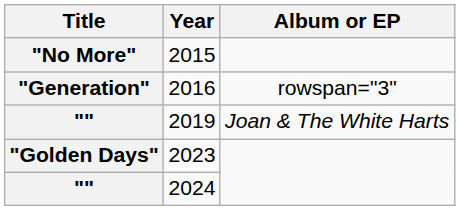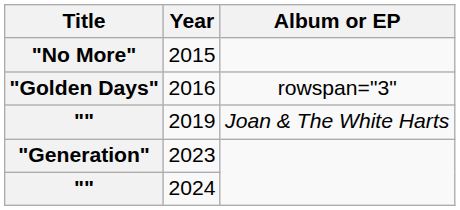 <table class="wikitable plainrowheaders" style="text-align:center;" border="1">
 <tr>
 <th scope="col">Title</th>
 <th scope="col">Year</th>
 <th scope="col">Album or EP</th>
 </tr>
 <tr>
 <th scope="row">"No More"<br></th>
 <td>2015</td>
 <td></td>
 </tr>
 <tr>
-<th scope="row">"Generation"<br></th>
+<th scope="row">"Golden Days"<br></th>
 <td>2016</td>
 <td>rowspan="3" </td>
 </tr>
 <tr>
 <th scope="row">""<br></th>
 <td>2019</td>
 <td><em>Joan & The White Harts</em></td>
 </tr>
 <tr>
-<th scope="row">"Golden Days"<br></th>
+<th scope="row">"Generation"<br></th>
 <td>2023</td>
 </tr>
 <tr>
 <th scope="row">""<br></th>
 <td>2024</td>
 </tr>
 </table>
